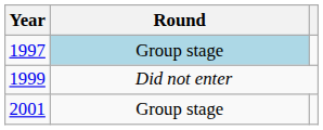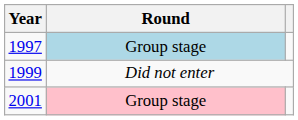 <table class="wikitable" style="text-align: center; font-size:90%">
 <tr>
 <th>Year</th>
 <th style="width:200px">Round</th>
 <th></th>
 </tr>
 <tr>
 <td><a href='#'>1997</a></td>
 <td style="background: lightblue;">Group stage</td>
 <td></td>
 </tr>
 <tr>
 <td><a href='#'>1999</a></td>
 <td colspan="2"><em>Did not enter</em></td>
 </tr>
 <tr>
 <td><a href='#'>2001</a></td>
-<td>Group stage</td>
+<td style="background: pink;">Group stage</td>
 <td></td>
 </tr>
 </table>
